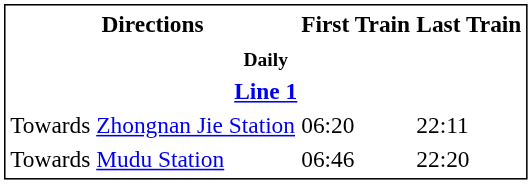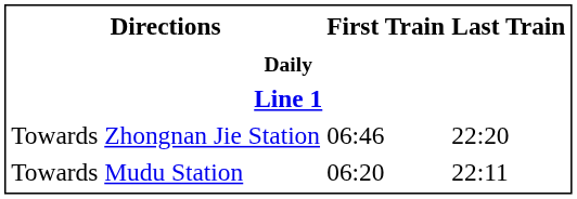 <table style="text-align:centre; font-size:95%; border:1px solid black">
 <tr>
 <th>Directions</th>
 <th>First Train</th>
 <th>Last Train</th>
 </tr>
 <tr>
 <th colspan="5" style="text-align:center"><small>Daily</small></th>
 </tr>
 <tr>
 <th colspan="8" style="background-color:#"><a href='#'>Line 1</a></th>
 </tr>
 <tr>
 <td>Towards <a href='#'>Zhongnan Jie Station</a></td>
+<td>06:46</td>
+<td>22:20</td>
+</tr>
+<tr>
+<td>Towards <a href='#'>Mudu Station</a></td>
 <td>06:20</td>
 <td>22:11</td>
 </tr>
-<tr>
-<td>Towards <a href='#'>Mudu Station</a></td>
-<td>06:46</td>
-<td>22:20</td>
-</tr>
 </table>
